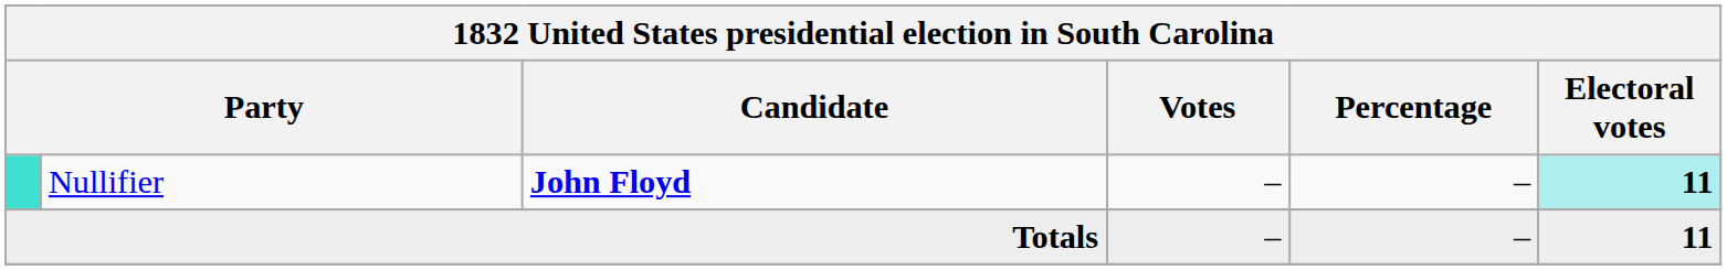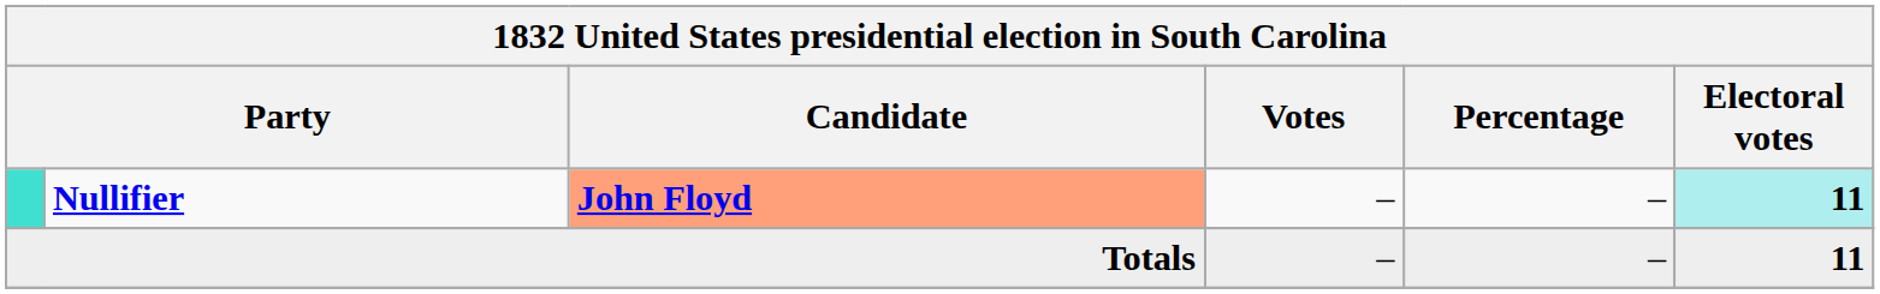 <table class="wikitable" style="font-size: 95%;">
 <tr>
 <th colspan="6">1832 United States presidential election in South Carolina</th>
 </tr>
 <tr>
 <th colspan="2" style="width: 15em">Party</th>
 <th style="width: 17em">Candidate</th>
 <th style="width: 5em">Votes</th>
 <th style="width: 7em">Percentage</th>
 <th style="width: 5em">Electoral votes</th>
 </tr>
 <tr>
 <th style="background-color:#40E0D0; width: 3px"></th>
-<td style="width: 130px"><a href='#'>Nullifier</a></td>
-<td><strong><a href='#'>John Floyd</a></strong></td>
+<td style="width: 130px"><strong><a href='#'>Nullifier</a></strong></td>
+<td style="background: lightsalmon;"><strong><a href='#'>John Floyd</a></strong></td>
 <td align="right">–</td>
 <td align="right">–</td>
 <td align="right" style="background: paleturquoise;"><strong>11</strong></td>
 </tr>
 <tr>
 </tr>
 <tr bgcolor="#EEEEEE">
 <td colspan="3" align="right"><strong>Totals</strong></td>
 <td align="right">–</td>
 <td align="right">–</td>
 <td align="right"><strong>11</strong></td>
 </tr>
 <tr>
 </tr>
 </table>
